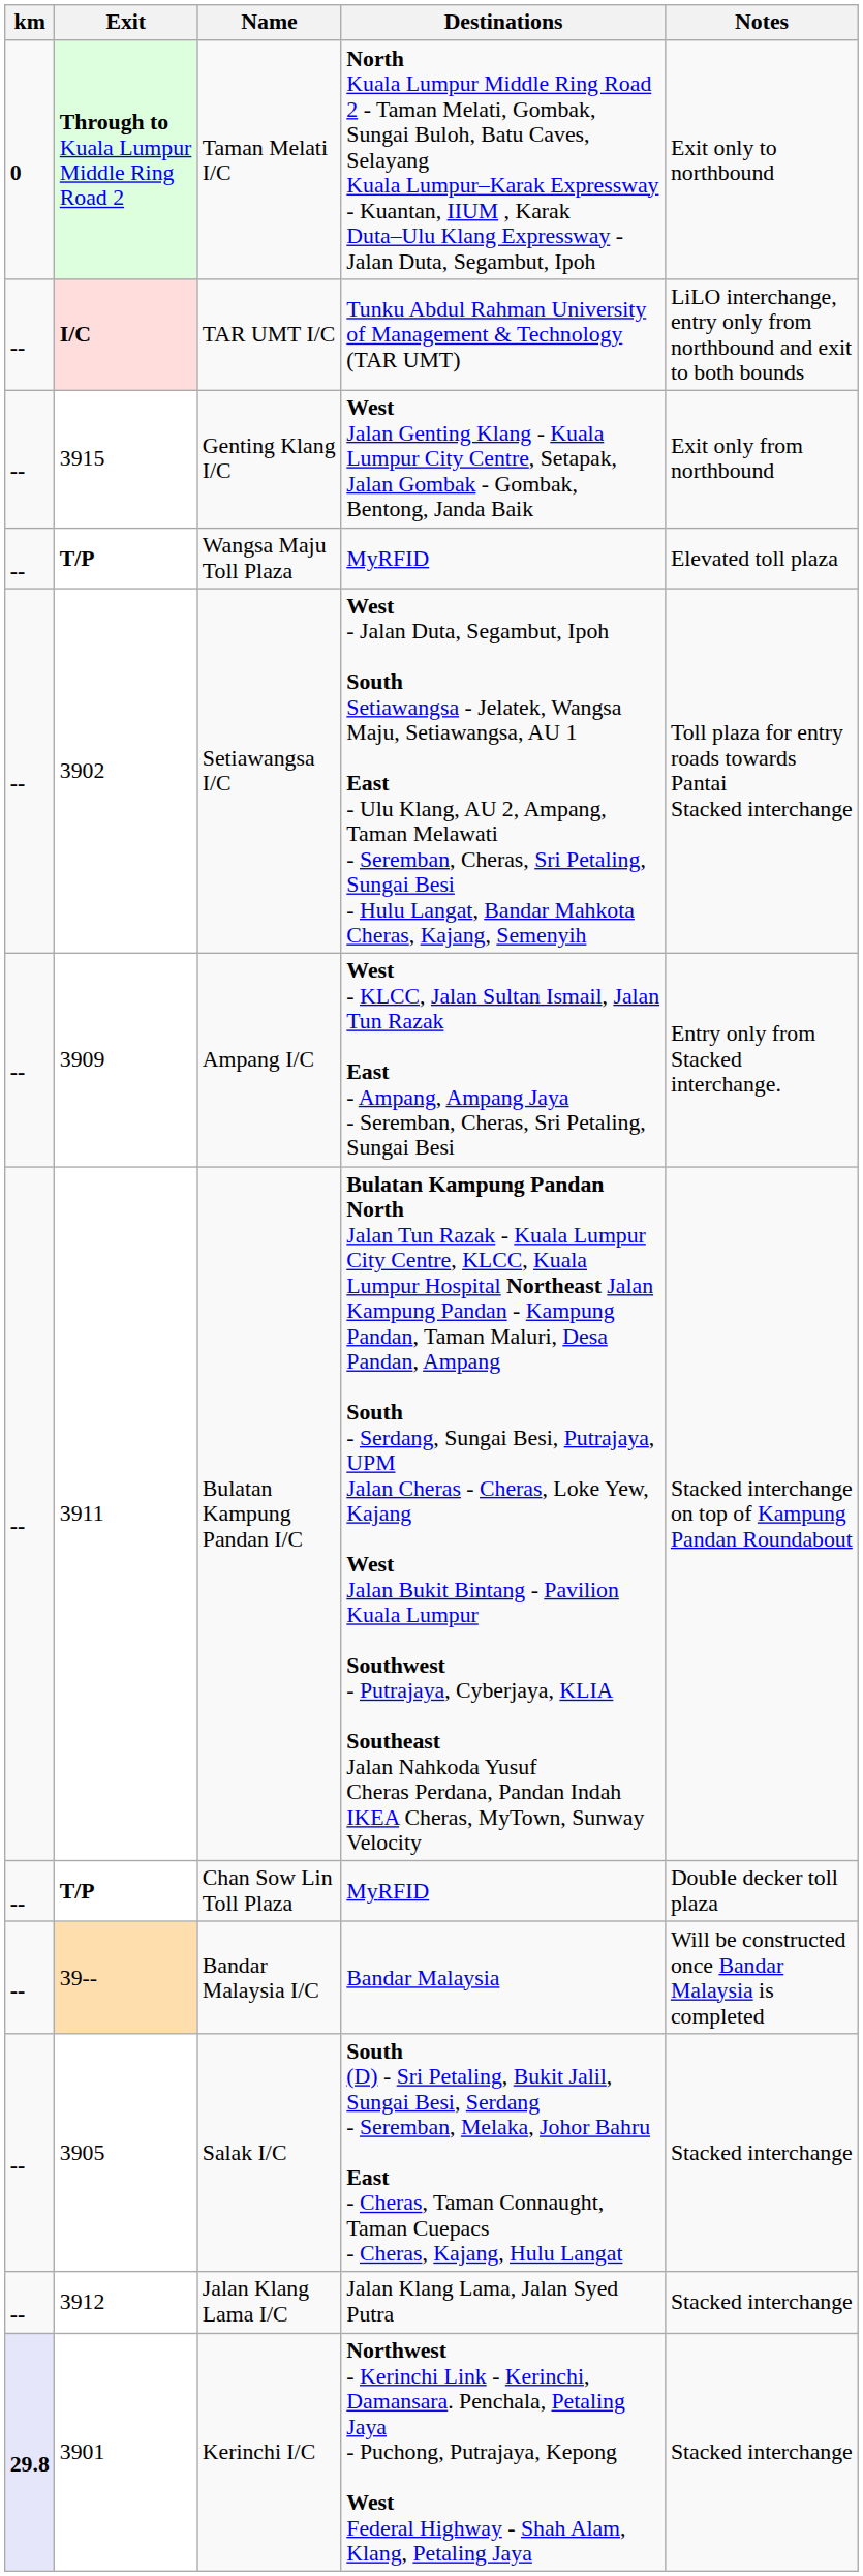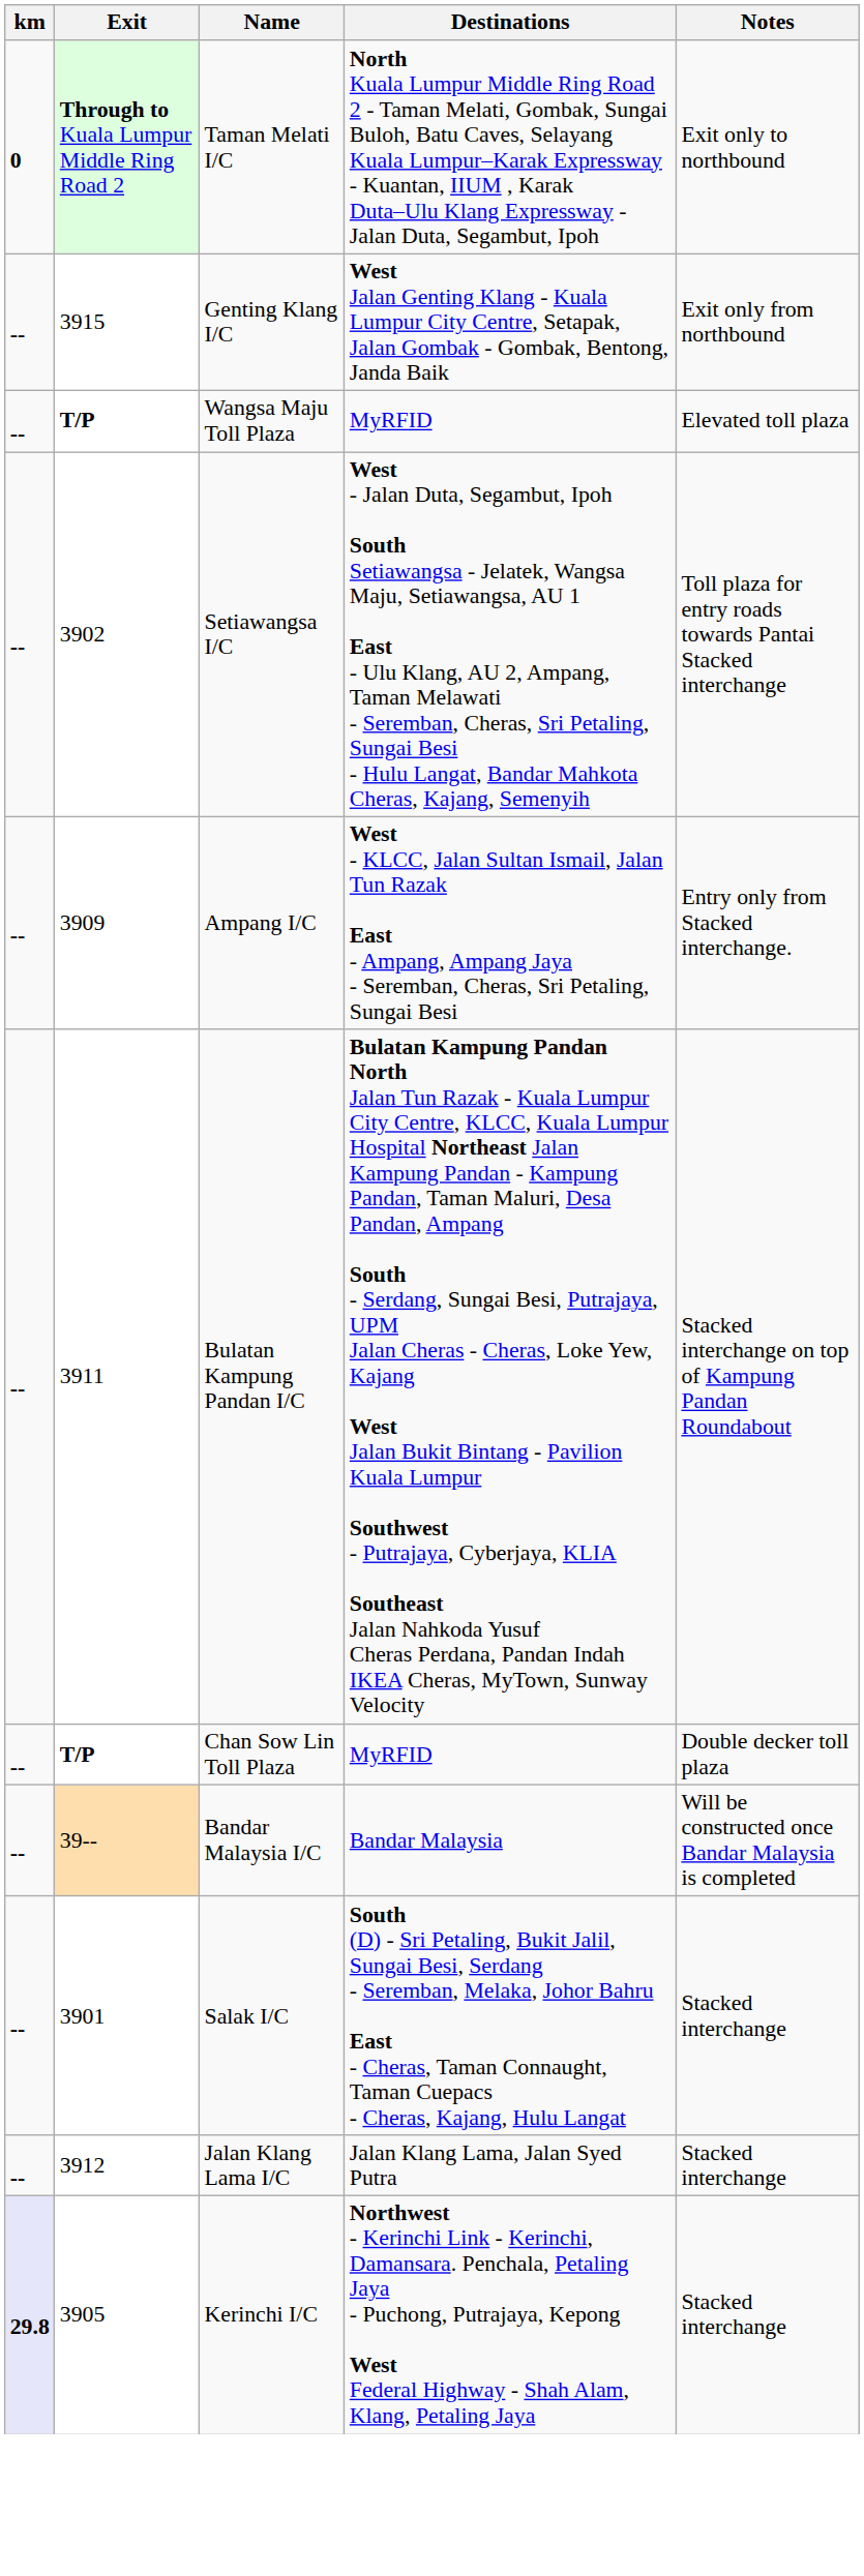 <table class="wikitable">
 <tr>
 <th><strong>km</strong></th>
 <th>Exit</th>
 <th>Name</th>
 <th>Destinations</th>
 <th>Notes</th>
 </tr>
 <tr>
 <td><br><strong>0</strong></td>
 <td style="background: #ddffdd;"><strong>Through to</strong>  <a href='#'>Kuala Lumpur Middle Ring Road 2</a></td>
 <td>Taman Melati I/C</td>
 <td><strong>North</strong><br> <a href='#'>Kuala Lumpur Middle Ring Road 2</a> - Taman Melati, Gombak, Sungai Buloh, Batu Caves, Selayang<br> <a href='#'>Kuala Lumpur–Karak Expressway</a> - Kuantan, <a href='#'>IIUM</a> , Karak<br> <a href='#'>Duta–Ulu Klang Expressway</a> - Jalan Duta, Segambut, Ipoh</td>
 <td>Exit only to northbound </td>
-</tr>
-<tr>
-<td><br><strong>--</strong></td>
-<td style="background: #ffdddd;"><strong>I/C</strong></td>
-<td>TAR UMT I/C</td>
-<td><a href='#'>Tunku Abdul Rahman University of Management & Technology</a> (TAR UMT) </td>
-<td>LiLO interchange, entry only from northbound and exit to both bounds</td>
 </tr>
 <tr>
 <td><br><strong>--</strong></td>
 <td style="background: #ffffff;">3915</td>
 <td>Genting Klang I/C</td>
 <td><strong>West</strong><br> <a href='#'>Jalan Genting Klang</a> - <a href='#'>Kuala Lumpur City Centre</a>, Setapak, <br> <a href='#'>Jalan Gombak</a> - Gombak, Bentong, Janda Baik </td>
 <td>Exit only from northbound</td>
 </tr>
 <tr>
 <td><br><strong>--</strong></td>
 <td style="background: #ffffff;"><strong>T/P</strong></td>
 <td>Wangsa Maju Toll Plaza</td>
 <td>  <a href='#'><span>My</span><span>RFID</span></a></td>
 <td>Elevated toll plaza</td>
 </tr>
 <tr>
 <td><br><strong>--</strong></td>
 <td style="background: #ffffff;">3902</td>
 <td>Setiawangsa I/C</td>
 <td><strong>West</strong> <br> - Jalan Duta, Segambut, Ipoh<br><br><strong>South</strong><br><a href='#'>Setiawangsa</a> - Jelatek, Wangsa Maju, Setiawangsa, AU 1<br><br><strong>East</strong><br> - Ulu Klang, AU 2, Ampang, Taman Melawati<br> - <a href='#'>Seremban</a>, Cheras, <a href='#'>Sri Petaling</a>, <a href='#'>Sungai Besi</a><br> - <a href='#'>Hulu Langat</a>, <a href='#'>Bandar Mahkota Cheras</a>, <a href='#'>Kajang</a>, <a href='#'>Semenyih</a></td>
 <td>Toll plaza for entry roads towards Pantai<br>Stacked interchange</td>
 </tr>
 <tr>
 <td><br><strong>--</strong></td>
 <td style="background: #ffffff;">3909</td>
 <td>Ampang I/C</td>
 <td><strong>West</strong><br><strong></strong> - <a href='#'>KLCC</a>, <a href='#'>Jalan Sultan Ismail</a>, <a href='#'>Jalan Tun Razak</a><br><br><strong>East</strong><br><strong></strong> - <a href='#'>Ampang</a>, <a href='#'>Ampang Jaya</a><br> - Seremban, Cheras, Sri Petaling, Sungai Besi</td>
 <td>Entry only from Stacked interchange.</td>
 </tr>
 <tr>
 <td><br><strong>--</strong></td>
 <td style="background: #ffffff;">3911</td>
 <td>Bulatan Kampung Pandan I/C</td>
 <td><strong>Bulatan Kampung Pandan</strong><br><strong>North</strong><br><a href='#'>Jalan Tun Razak</a> - <a href='#'>Kuala Lumpur City Centre</a>, <a href='#'>KLCC</a>, <a href='#'>Kuala Lumpur Hospital</a>  <strong>Northeast</strong> <a href='#'>Jalan Kampung Pandan</a> - <a href='#'>Kampung Pandan</a>, Taman Maluri, <a href='#'>Desa Pandan</a>, <a href='#'>Ampang</a><br><br><strong>South</strong><br> - <a href='#'>Serdang</a>, Sungai Besi, <a href='#'>Putrajaya</a>, <a href='#'>UPM</a><br> <a href='#'>Jalan Cheras</a> - <a href='#'>Cheras</a>, Loke Yew, <a href='#'>Kajang</a><br><br><strong>West</strong><br><a href='#'>Jalan Bukit Bintang</a> - <a href='#'>Pavilion Kuala Lumpur</a> <br><br><strong>Southwest</strong><br> - <a href='#'>Putrajaya</a>, Cyberjaya, <a href='#'>KLIA</a> <br><br><strong>Southeast</strong><br>Jalan Nahkoda Yusuf<br>Cheras Perdana, Pandan Indah<br><a href='#'>IKEA</a> Cheras, MyTown, Sunway Velocity</td>
 <td>Stacked interchange on top of <a href='#'>Kampung Pandan Roundabout</a></td>
 </tr>
 <tr>
 <td><br><strong>--</strong></td>
 <td style="background: #ffffff;"><strong>T/P</strong></td>
 <td>Chan Sow Lin Toll Plaza</td>
 <td>  <a href='#'><span>My</span><span>RFID</span></a></td>
 <td>Double decker toll plaza</td>
 </tr>
 <tr>
 <td><br><strong>--</strong></td>
 <td style="background: #ffdead;">39--</td>
 <td>Bandar Malaysia I/C</td>
 <td><a href='#'>Bandar Malaysia</a></td>
 <td>Will be constructed once <a href='#'>Bandar Malaysia</a> is completed</td>
 </tr>
 <tr>
 <td><br><strong>--</strong></td>
-<td style="background: #ffffff;">3905</td>
+<td style="background: #ffffff;">3901</td>
 <td>Salak I/C</td>
 <td><strong>South</strong><br> <a href='#'>(D)</a> - <a href='#'>Sri Petaling</a>, <a href='#'>Bukit Jalil</a>, <a href='#'>Sungai Besi</a>, <a href='#'>Serdang</a><br> - <a href='#'>Seremban</a>, <a href='#'>Melaka</a>, <a href='#'>Johor Bahru</a><br><br><strong>East</strong><br> - <a href='#'>Cheras</a>, Taman Connaught, Taman Cuepacs<br> - <a href='#'>Cheras</a>, <a href='#'>Kajang</a>, <a href='#'>Hulu Langat</a></td>
 <td>Stacked interchange</td>
 </tr>
 <tr>
 <td><br><strong>--</strong></td>
 <td style="background: #ffffff;">3912</td>
 <td>Jalan Klang Lama I/C</td>
 <td>Jalan Klang Lama, Jalan Syed Putra</td>
 <td>Stacked interchange</td>
 </tr>
 <tr>
 <td style="background: lavender;"><br><strong>29.8</strong></td>
-<td style="background: #ffffff;">3901</td>
+<td style="background: #ffffff;">3905</td>
 <td>Kerinchi I/C</td>
 <td><strong>Northwest</strong><br> - <a href='#'>Kerinchi Link</a> - <a href='#'>Kerinchi</a>, <a href='#'>Damansara</a>. Penchala, <a href='#'>Petaling Jaya</a><br> - Puchong, Putrajaya, Kepong<br><br><strong>West</strong><br> <a href='#'>Federal Highway</a> - <a href='#'>Shah Alam</a>, <a href='#'>Klang</a>, <a href='#'>Petaling Jaya</a></td>
 <td>Stacked interchange</td>
 </tr>
 </table>
